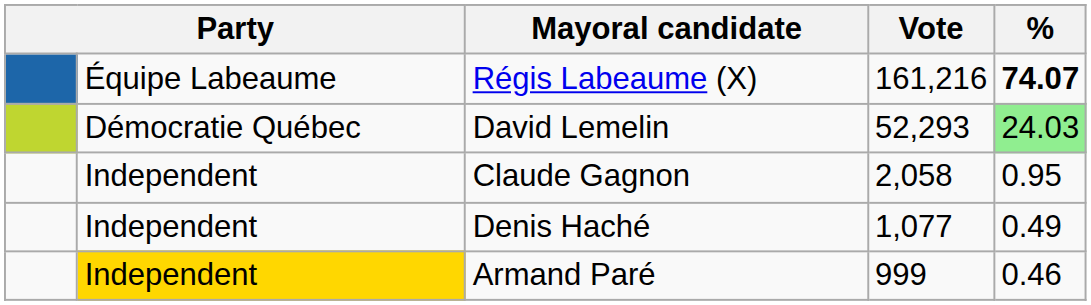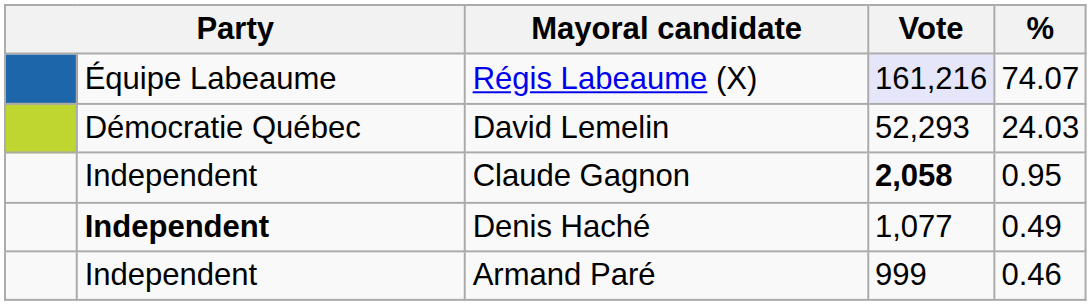 <table class="wikitable">
 <tr>
 <th bgcolor="#DDDDFF" width="230px" colspan="2">Party</th>
 <th bgcolor="#DDDDFF" width="200px">Mayoral candidate</th>
 <th bgcolor="#DDDDFF" width="50px">Vote</th>
 <th bgcolor="#DDDDFF" width="30px">%</th>
 </tr>
 <tr>
 <td bgcolor=#1D66A9 width="30px"> </td>
 <td>Équipe Labeaume</td>
 <td><a href='#'>Régis Labeaume</a> (X)</td>
-<td>161,216</td>
-<td><strong>74.07</strong></td>
+<td style="background: lavender;">161,216</td>
+<td>74.07</td>
 </tr>
 <tr>
 <td bgcolor=#BFD630 width="30px"> </td>
 <td>Démocratie Québec</td>
 <td>David Lemelin</td>
 <td>52,293</td>
-<td style="background: lightgreen;">24.03</td>
+<td>24.03</td>
 </tr>
 <tr>
 <td> </td>
 <td>Independent</td>
 <td>Claude Gagnon</td>
-<td>2,058</td>
+<td><strong>2,058</strong></td>
 <td>0.95</td>
 </tr>
 <tr>
 <td> </td>
-<td>Independent</td>
+<td><strong>Independent</strong></td>
 <td>Denis Haché</td>
 <td>1,077</td>
 <td>0.49</td>
 </tr>
 <tr>
 <td> </td>
-<td style="background: gold;">Independent</td>
+<td>Independent</td>
 <td>Armand Paré</td>
 <td>999</td>
 <td>0.46</td>
 </tr>
 </table>
